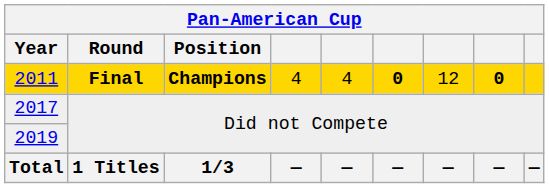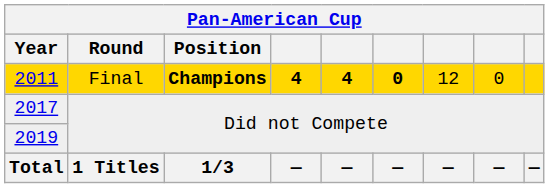 <table class="wikitable" style="text-align: center;">
 <tr>
 <th colspan=9><strong><a href='#'>Pan-American Cup</a></strong></th>
 </tr>
 <tr>
 <th><strong>Year</strong></th>
 <th><strong>Round</strong></th>
 <th><strong>Position</strong></th>
 <th width=30><strong></strong></th>
 <th width=30><strong></strong></th>
 <th width=30><strong></strong></th>
 <th width=30><strong></strong></th>
 <th width=30><strong></strong></th>
 <th><strong></strong></th>
 </tr>
 <tr bgcolor=gold>
 <td> <a href='#'>2011</a></td>
-<td><strong>Final</strong></td>
+<td>Final</td>
 <td><strong>Champions</strong></td>
-<td>4</td>
-<td>4</td>
+<td><strong>4</strong></td>
+<td><strong>4</strong></td>
 <td><strong>0</strong></td>
 <td>12</td>
-<td><strong>0</strong></td>
+<td>0</td>
 <td></td>
 </tr>
 <tr bgcolor="efefef">
 <td> <a href='#'>2017</a></td>
 <td rowspan=2 colspan=9>Did not Compete</td>
 </tr>
 <tr bgcolor="efefef">
 <td> <a href='#'>2019</a></td>
 </tr>
 <tr>
 <th><strong>Total</strong></th>
 <th><strong>1 Titles</strong></th>
 <th><strong>1/3</strong></th>
 <th><strong>—</strong></th>
 <th><strong>—</strong></th>
 <th><strong>—</strong></th>
 <th><strong>—</strong></th>
 <th><strong>—</strong></th>
 <th><strong>—</strong></th>
 </tr>
 </table>
